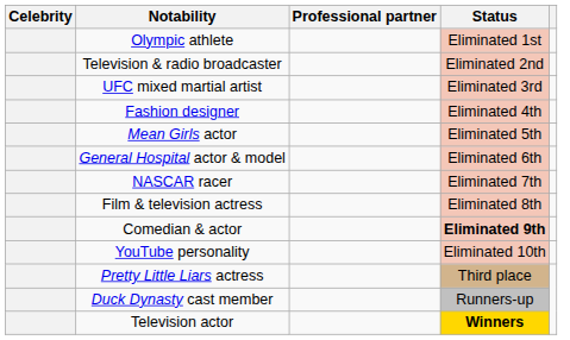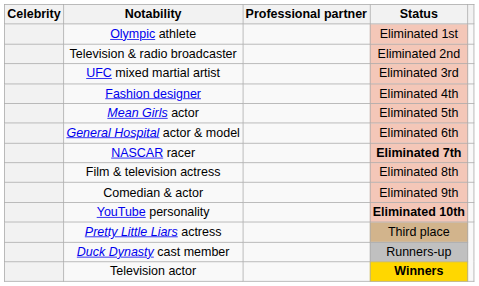 <table class="wikitable sortable" style="text-align:center;">
 <tr>
 <th scope="col">Celebrity</th>
 <th scope="col" class="unsortable">Notability</th>
 <th scope="col">Professional partner</th>
 <th scope="col">Status</th>
 <th scope="col" class="unsortable"></th>
 </tr>
 <tr>
 <th scope="row"></th>
 <td><a href='#'>Olympic</a> athlete</td>
 <td></td>
 <td style="background:#f4c7b8;">Eliminated 1st<br></td>
 <td></td>
 </tr>
 <tr>
 <th scope="row"></th>
 <td>Television & radio broadcaster</td>
 <td></td>
 <td style="background:#f4c7b8;">Eliminated 2nd<br></td>
 <td></td>
 </tr>
 <tr>
 <th scope="row"></th>
 <td><a href='#'>UFC</a> mixed martial artist</td>
 <td></td>
 <td style="background:#f4c7b8;">Eliminated 3rd<br></td>
 <td></td>
 </tr>
 <tr>
 <th scope="row"></th>
 <td><a href='#'>Fashion designer</a></td>
 <td></td>
 <td style="background:#f4c7b8;">Eliminated 4th<br></td>
 <td></td>
 </tr>
 <tr>
 <th scope="row"></th>
 <td><em><a href='#'>Mean Girls</a></em> actor</td>
 <td><br><em></em></td>
 <td style="background:#f4c7b8;">Eliminated 5th<br></td>
 <td></td>
 </tr>
 <tr>
 <th scope="row"></th>
 <td><em><a href='#'>General Hospital</a></em> actor & model</td>
 <td><br><em></em></td>
 <td style="background:#f4c7b8;">Eliminated 6th<br></td>
 <td></td>
 </tr>
 <tr>
 <th scope="row"></th>
 <td><a href='#'>NASCAR</a> racer</td>
 <td><br><em></em></td>
-<td style="background:#f4c7b8;">Eliminated 7th<br></td>
+<td style="background:#f4c7b8;"><strong>Eliminated 7th<br></strong></td>
 <td></td>
 </tr>
 <tr>
 <th scope="row"></th>
 <td>Film & television actress</td>
 <td><br><em></em></td>
 <td style="background:#f4c7b8;">Eliminated 8th<br></td>
 <td></td>
 </tr>
 <tr>
 <th scope="row"></th>
 <td>Comedian & actor</td>
 <td><br><em></em></td>
-<td style="background:#f4c7b8;"><strong>Eliminated 9th<br></strong></td>
+<td style="background:#f4c7b8;">Eliminated 9th<br></td>
 <td></td>
 </tr>
 <tr>
 <th scope="row"></th>
 <td><a href='#'>YouTube</a> personality</td>
 <td><br><em></em></td>
-<td style="background:#f4c7b8;">Eliminated 10th<br></td>
+<td style="background:#f4c7b8;"><strong>Eliminated 10th<br></strong></td>
 <td></td>
 </tr>
 <tr>
 <th scope="row"></th>
 <td><em><a href='#'>Pretty Little Liars</a></em> actress</td>
 <td><br><em></em></td>
 <td style="background:tan;">Third place<br></td>
 <td rowspan="3"></td>
 </tr>
 <tr>
 <th scope="row"></th>
 <td><em><a href='#'>Duck Dynasty</a></em> cast member</td>
 <td><br><em></em></td>
 <td style="background:silver;">Runners-up<br></td>
 </tr>
 <tr>
 <th scope="row"></th>
 <td>Television actor</td>
 <td><br><em></em></td>
 <td style="background:gold;"><strong>Winners</strong><br></td>
 </tr>
 </table>
